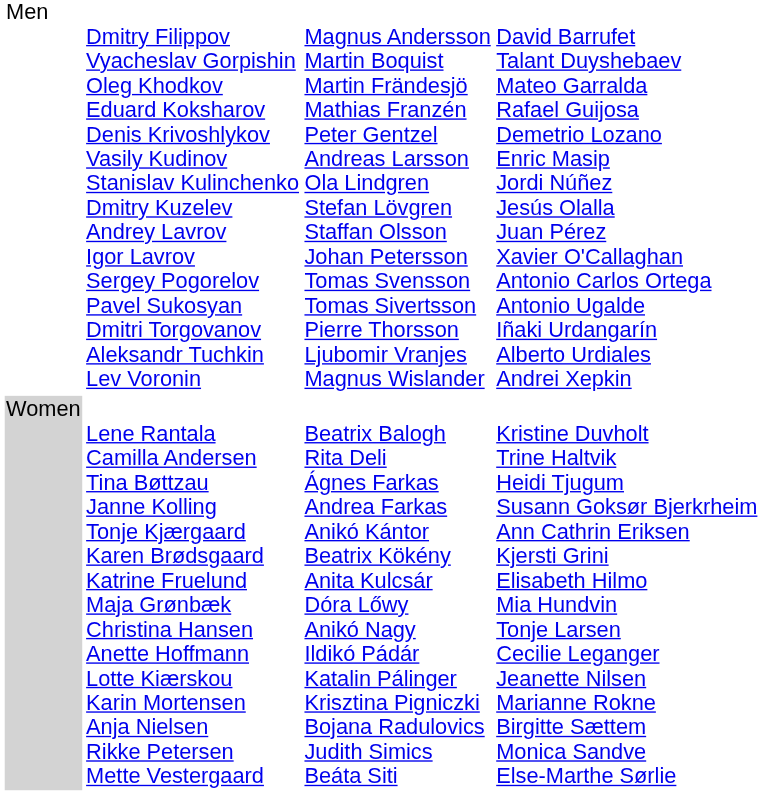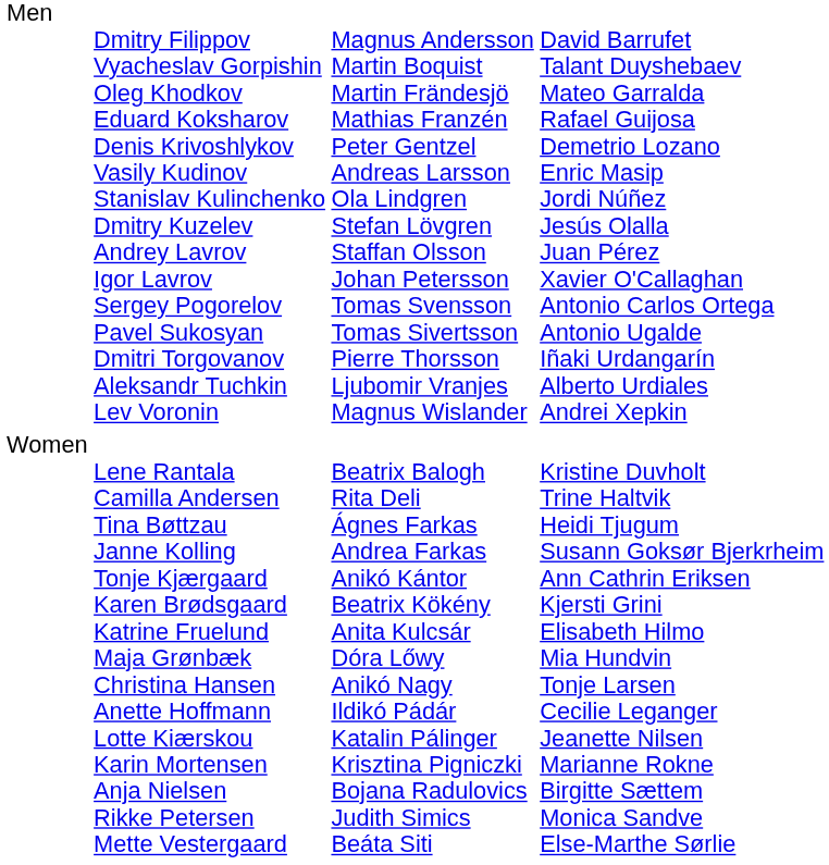 <table>
 <tr valign="top">
 <td>Men <br></td>
 <td><br><a href='#'>Dmitry Filippov</a><br><a href='#'>Vyacheslav Gorpishin</a><br><a href='#'>Oleg Khodkov</a><br><a href='#'>Eduard Koksharov</a><br><a href='#'>Denis Krivoshlykov</a><br><a href='#'>Vasily Kudinov</a><br><a href='#'>Stanislav Kulinchenko</a><br><a href='#'>Dmitry Kuzelev</a><br><a href='#'>Andrey Lavrov</a><br><a href='#'>Igor Lavrov</a><br><a href='#'>Sergey Pogorelov</a><br><a href='#'>Pavel Sukosyan</a><br><a href='#'>Dmitri Torgovanov</a><br><a href='#'>Aleksandr Tuchkin</a><br><a href='#'>Lev Voronin</a></td>
 <td><br><a href='#'>Magnus Andersson</a><br><a href='#'>Martin Boquist</a><br><a href='#'>Martin Frändesjö</a><br><a href='#'>Mathias Franzén</a><br><a href='#'>Peter Gentzel</a><br><a href='#'>Andreas Larsson</a><br><a href='#'>Ola Lindgren</a><br><a href='#'>Stefan Lövgren</a><br><a href='#'>Staffan Olsson</a><br><a href='#'>Johan Petersson</a><br><a href='#'>Tomas Svensson</a><br><a href='#'>Tomas Sivertsson</a><br><a href='#'>Pierre Thorsson</a><br><a href='#'>Ljubomir Vranjes</a><br><a href='#'>Magnus Wislander</a></td>
 <td><br><a href='#'>David Barrufet</a><br><a href='#'>Talant Duyshebaev</a><br><a href='#'>Mateo Garralda</a><br><a href='#'>Rafael Guijosa</a><br><a href='#'>Demetrio Lozano</a><br><a href='#'>Enric Masip</a><br><a href='#'>Jordi Núñez</a><br><a href='#'>Jesús Olalla</a><br><a href='#'>Juan Pérez</a><br><a href='#'>Xavier O'Callaghan</a><br><a href='#'>Antonio Carlos Ortega</a><br><a href='#'>Antonio Ugalde</a><br><a href='#'>Iñaki Urdangarín</a><br><a href='#'>Alberto Urdiales</a><br><a href='#'>Andrei Xepkin</a></td>
 </tr>
 <tr valign="top">
-<td style="background: lightgrey;">Women <br></td>
+<td>Women <br></td>
 <td><br><a href='#'>Lene Rantala</a><br><a href='#'>Camilla Andersen</a><br><a href='#'>Tina Bøttzau</a><br><a href='#'>Janne Kolling</a><br><a href='#'>Tonje Kjærgaard</a><br><a href='#'>Karen Brødsgaard</a><br><a href='#'>Katrine Fruelund</a><br><a href='#'>Maja Grønbæk</a><br><a href='#'>Christina Hansen</a><br><a href='#'>Anette Hoffmann</a><br><a href='#'>Lotte Kiærskou</a><br><a href='#'>Karin Mortensen</a> <br><a href='#'>Anja Nielsen</a><br><a href='#'>Rikke Petersen</a><br><a href='#'>Mette Vestergaard</a></td>
 <td><br><a href='#'>Beatrix Balogh</a><br><a href='#'>Rita Deli</a><br><a href='#'>Ágnes Farkas</a><br><a href='#'>Andrea Farkas</a><br><a href='#'>Anikó Kántor</a><br><a href='#'>Beatrix Kökény</a><br><a href='#'>Anita Kulcsár</a><br><a href='#'>Dóra Lőwy</a><br><a href='#'>Anikó Nagy</a><br><a href='#'>Ildikó Pádár</a><br><a href='#'>Katalin Pálinger</a><br><a href='#'>Krisztina Pigniczki</a><br><a href='#'>Bojana Radulovics</a><br><a href='#'>Judith Simics</a><br><a href='#'>Beáta Siti</a></td>
 <td><br><a href='#'>Kristine Duvholt</a><br><a href='#'>Trine Haltvik</a><br><a href='#'>Heidi Tjugum</a><br><a href='#'>Susann Goksør Bjerkrheim</a><br><a href='#'>Ann Cathrin Eriksen</a><br><a href='#'>Kjersti Grini</a><br><a href='#'>Elisabeth Hilmo</a><br><a href='#'>Mia Hundvin</a><br><a href='#'>Tonje Larsen</a><br><a href='#'>Cecilie Leganger</a><br><a href='#'>Jeanette Nilsen</a><br><a href='#'>Marianne Rokne</a><br><a href='#'>Birgitte Sættem</a><br><a href='#'>Monica Sandve</a><br><a href='#'>Else-Marthe Sørlie</a></td>
 </tr>
 </table>
